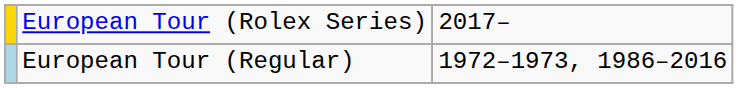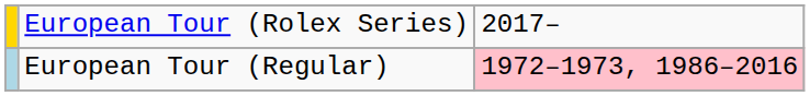 <table class="wikitable" style="font-size:95%">
 <tr>
 <td style="background:gold"></td>
 <td><a href='#'>European Tour</a> (Rolex Series)</td>
 <td>2017–</td>
 </tr>
 <tr>
 <td style="background:lightblue"></td>
 <td>European Tour (Regular)</td>
-<td>1972–1973, 1986–2016</td>
+<td style="background: pink;">1972–1973, 1986–2016</td>
 </tr>
 </table>
